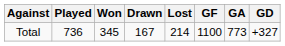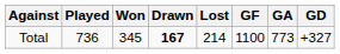 <table class="wikitable" style="text-align: center; font-size: 100%;">
 <tr>
 <th>Against</th>
 <th>Played</th>
 <th>Won</th>
 <th>Drawn</th>
 <th>Lost</th>
 <th>GF</th>
 <th>GA</th>
 <th>GD</th>
 </tr>
 <tr>
 <td>Total</td>
 <td>736</td>
 <td>345</td>
-<td>167</td>
+<td><strong>167</strong></td>
 <td>214</td>
 <td>1100</td>
 <td>773</td>
 <td>+327</td>
 </tr>
 </table>
